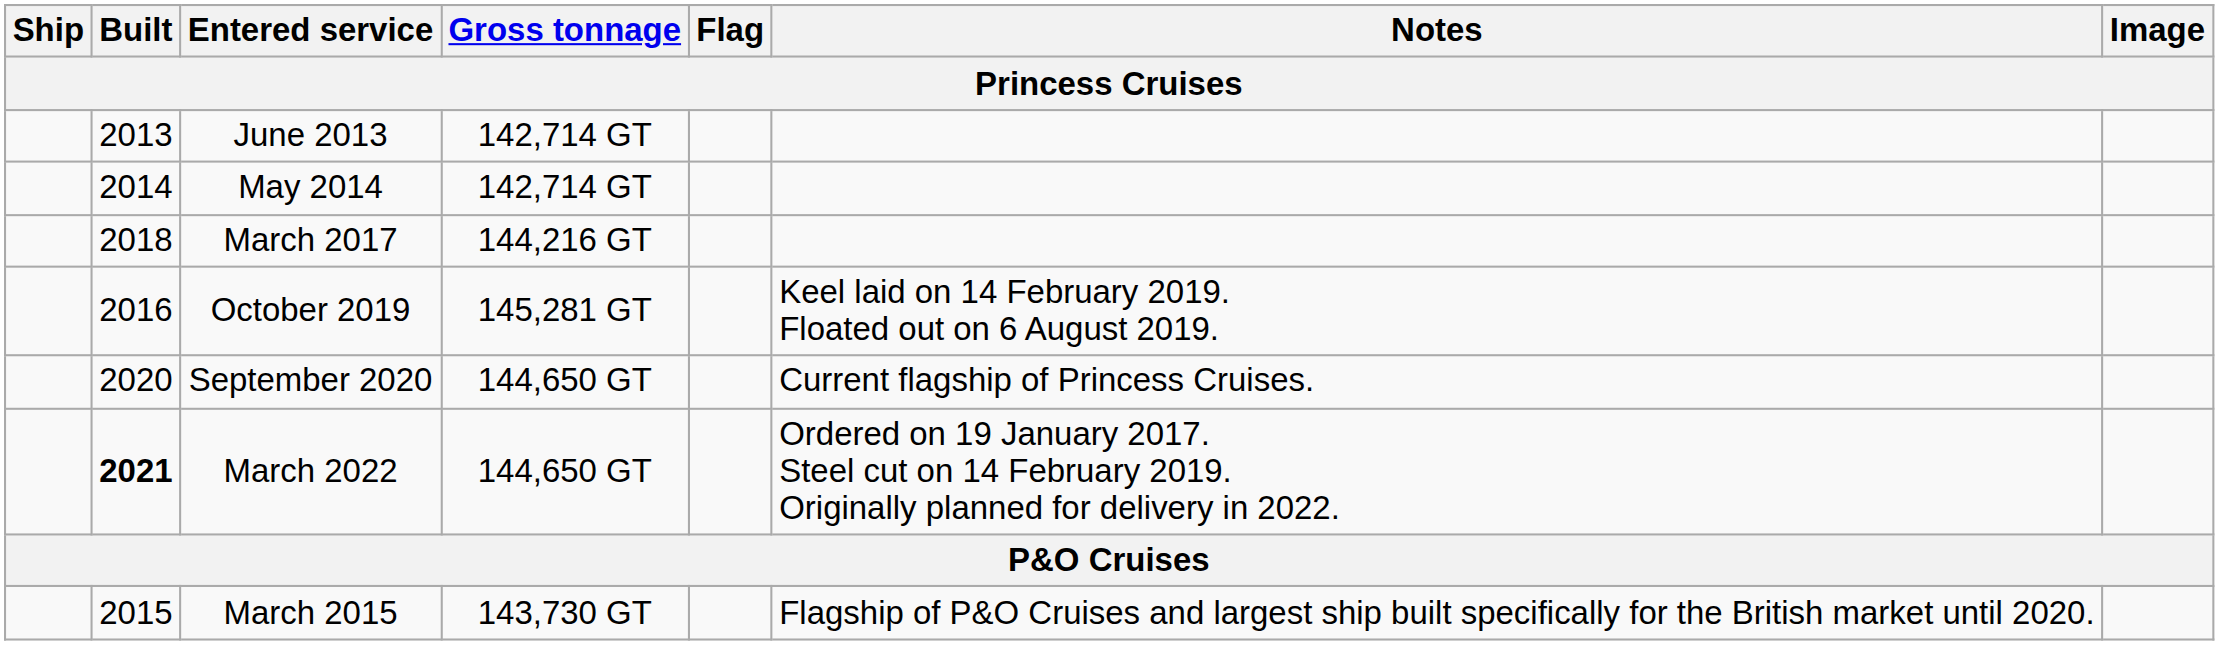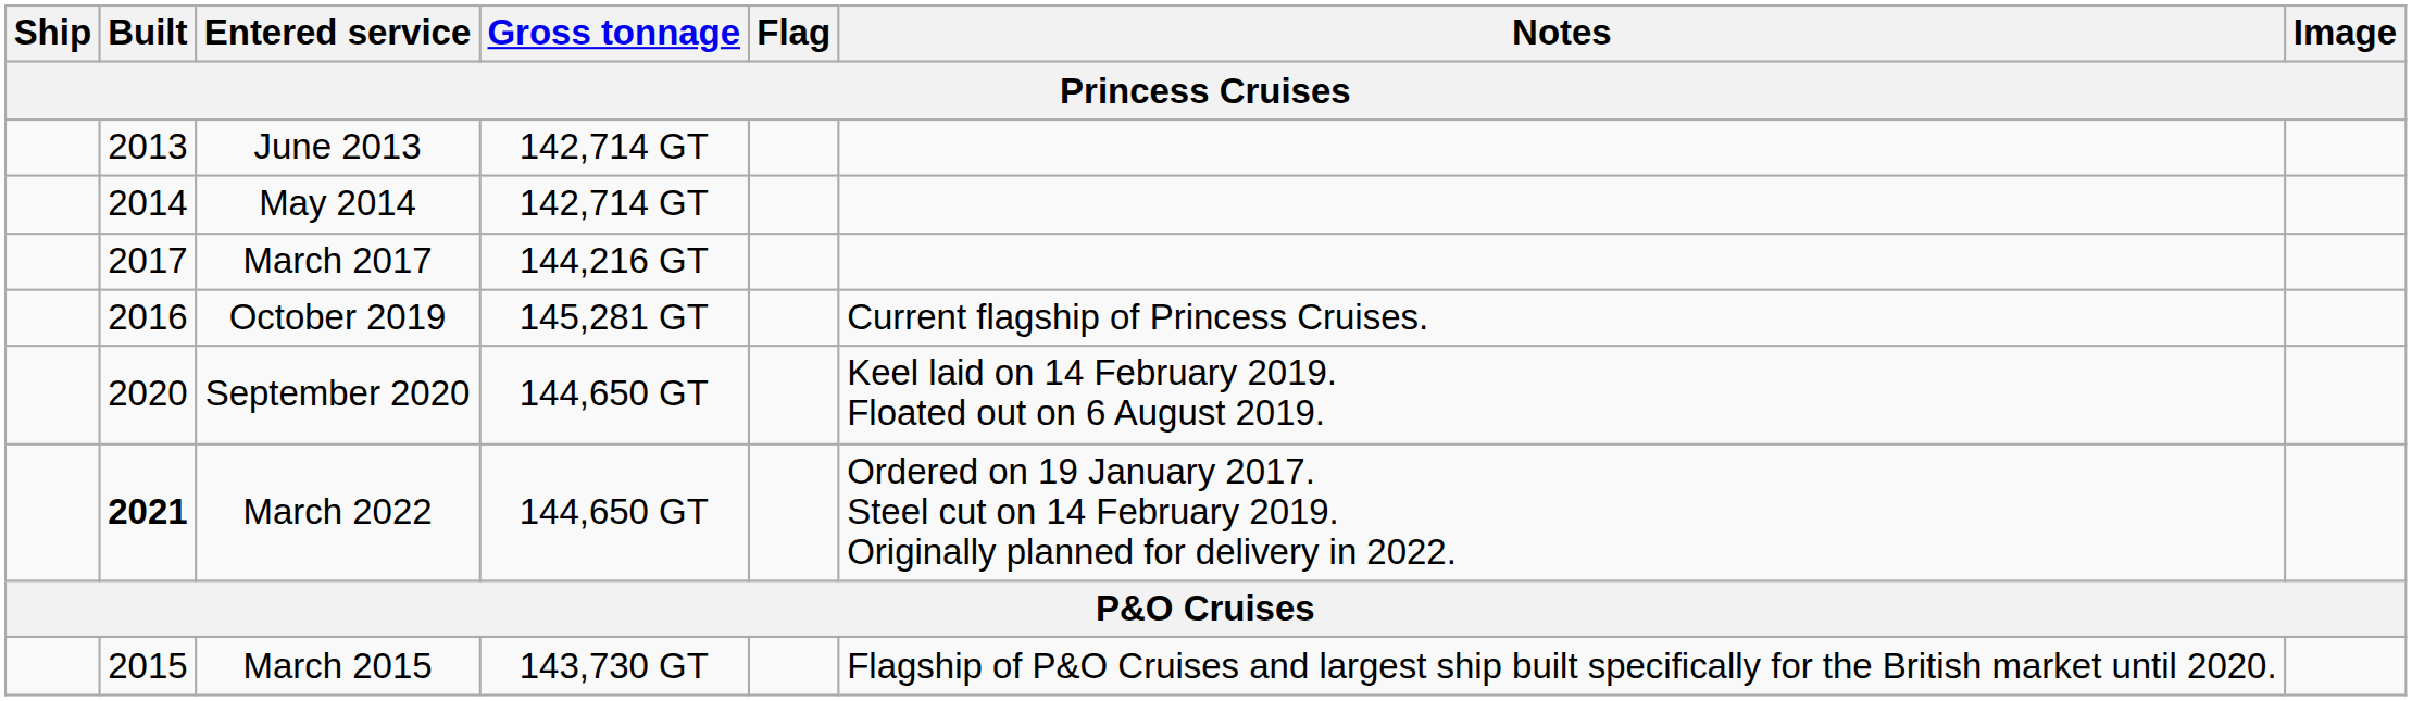 <table class="wikitable sortable">
 <tr>
 <th>Ship</th>
 <th>Built</th>
 <th>Entered service</th>
 <th><a href='#'>Gross tonnage</a></th>
 <th>Flag</th>
 <th>Notes</th>
 <th>Image</th>
 </tr>
 <tr>
 <th colspan="8">Princess Cruises</th>
 </tr>
 <tr>
 <td></td>
 <td align="Center">2013</td>
 <td style="text-align:Center;">June 2013</td>
 <td style="text-align:Center;">142,714 GT</td>
 <td style="text-align:Center;"></td>
 <td></td>
 <td></td>
 </tr>
 <tr>
 <td></td>
 <td align="Center">2014</td>
 <td style="text-align:Center;">May 2014</td>
 <td style="text-align:Center;">142,714 GT</td>
 <td style="text-align:Center;"></td>
 <td style="text-align:Left;"></td>
 <td></td>
 </tr>
 <tr>
 <td></td>
-<td align="Center">2018</td>
+<td align="Center">2017</td>
 <td style="text-align:Center;">March 2017</td>
 <td style="text-align:Center;">144,216 GT</td>
 <td style="text-align:Center;"></td>
 <td style="text-align:Left;"></td>
 <td></td>
 </tr>
 <tr>
 <td></td>
 <td align="Center">2016</td>
 <td style="text-align:Center;">October 2019</td>
 <td style="text-align:Center;">145,281 GT</td>
 <td style="text-align:Center;"></td>
-<td style="text-align:Left;">Keel laid on 14 February 2019.<br> Floated out on 6 August 2019.</td>
+<td style="text-align:Left;">Current flagship of Princess Cruises.</td>
 <td></td>
 </tr>
 <tr>
 <td></td>
 <td align="Center">2020</td>
 <td style="text-align:Center;">September 2020</td>
 <td style="text-align:Center;">144,650 GT</td>
 <td style="text-align:Center;"></td>
-<td style="text-align:Left;">Current flagship of Princess Cruises.</td>
+<td style="text-align:Left;">Keel laid on 14 February 2019.<br> Floated out on 6 August 2019.</td>
 <td></td>
 </tr>
 <tr>
 <td></td>
 <td style="text-align:Center;"><strong>2021</strong></td>
 <td style="text-align:Center;">March 2022</td>
 <td style="text-align:Center;">144,650 GT</td>
 <td style="text-align:Center;"></td>
 <td>Ordered on 19 January 2017.<br>Steel cut on 14 February 2019. <br>Originally planned for delivery in 2022.</td>
 <td></td>
 </tr>
 <tr>
 <th colspan="8">P&O Cruises</th>
 </tr>
 <tr>
 <td></td>
 <td align="Center">2015</td>
 <td style="text-align:Center;">March 2015</td>
 <td style="text-align:Center;">143,730 GT</td>
 <td style="text-align:Center;"></td>
 <td style="text-align:Left;">Flagship of P&O Cruises and largest ship built specifically for the British market until 2020.</td>
 <td></td>
 </tr>
 </table>
